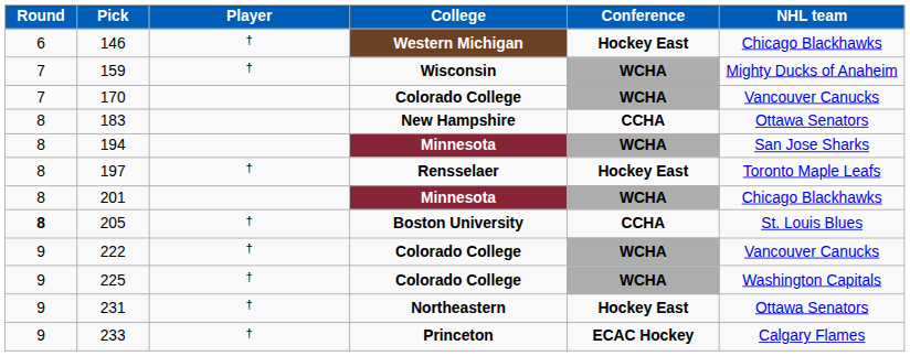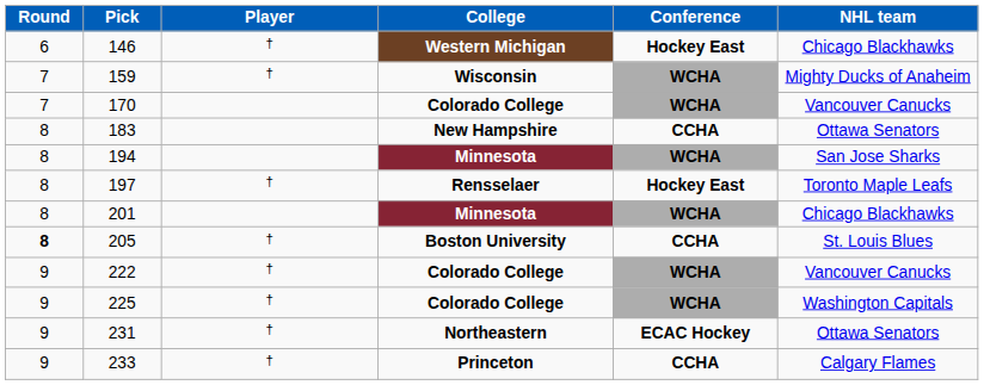 <table class="wikitable sortable" width="75%">
 <tr>
 <th style="color:white; background-color:#005EB8; width: 4em;">Round</th>
 <th style="color:white; background-color:#005EB8; width: 4em;">Pick</th>
 <th style="color:white; background-color:#005EB8; width: 12em;">Player</th>
 <th style="color:white; background-color:#005EB8; width: 13em;">College</th>
 <th style="color:white; background-color:#005EB8; width: 9em;">Conference</th>
 <th style="color:white; background-color:#005EB8; width: 11em;">NHL team</th>
 </tr>
 <tr align="center" bgcolor="">
 <td>6</td>
 <td>146</td>
 <td> <sup>†</sup></td>
 <td style="color:white; background:#6C4023; "><strong>Western Michigan</strong></td>
 <td><strong>Hockey East</strong></td>
 <td><a href='#'>Chicago Blackhawks</a></td>
 </tr>
 <tr align="center" bgcolor="">
 <td>7</td>
 <td>159</td>
 <td> <sup>†</sup></td>
 <td><strong>Wisconsin</strong></td>
 <td style="color:black; background:#ADADAD; "><strong>WCHA</strong></td>
 <td><a href='#'>Mighty Ducks of Anaheim</a></td>
 </tr>
 <tr align="center" bgcolor="">
 <td>7</td>
 <td>170</td>
 <td></td>
 <td><strong>Colorado College</strong></td>
 <td style="color:black; background:#ADADAD; "><strong>WCHA</strong></td>
 <td><a href='#'>Vancouver Canucks</a></td>
 </tr>
 <tr align="center" bgcolor="">
 <td>8</td>
 <td>183</td>
 <td></td>
 <td><strong>New Hampshire</strong></td>
 <td><strong>CCHA</strong></td>
 <td><a href='#'>Ottawa Senators</a></td>
 </tr>
 <tr align="center" bgcolor="">
 <td>8</td>
 <td>194</td>
 <td></td>
 <td style="color:white; background:#862334; "><strong>Minnesota</strong></td>
 <td style="color:black; background:#ADADAD; "><strong>WCHA</strong></td>
 <td><a href='#'>San Jose Sharks</a></td>
 </tr>
 <tr align="center" bgcolor="">
 <td>8</td>
 <td>197</td>
 <td> <sup>†</sup></td>
 <td><strong>Rensselaer</strong></td>
 <td><strong>Hockey East</strong></td>
 <td><a href='#'>Toronto Maple Leafs</a></td>
 </tr>
 <tr align="center" bgcolor="">
 <td>8</td>
 <td>201</td>
 <td></td>
 <td style="color:white; background:#862334; "><strong>Minnesota</strong></td>
 <td style="color:black; background:#ADADAD; "><strong>WCHA</strong></td>
 <td><a href='#'>Chicago Blackhawks</a></td>
 </tr>
 <tr align="center" bgcolor="">
 <td><strong>8</strong></td>
 <td>205</td>
 <td> <sup>†</sup></td>
 <td><strong>Boston University</strong></td>
 <td><strong>CCHA</strong></td>
 <td><a href='#'>St. Louis Blues</a></td>
 </tr>
 <tr align="center" bgcolor="">
 <td>9</td>
 <td>222</td>
 <td> <sup>†</sup></td>
 <td><strong>Colorado College</strong></td>
 <td style="color:black; background:#ADADAD; "><strong>WCHA</strong></td>
 <td><a href='#'>Vancouver Canucks</a></td>
 </tr>
 <tr align="center" bgcolor="">
 <td>9</td>
 <td>225</td>
 <td> <sup>†</sup></td>
 <td><strong>Colorado College</strong></td>
 <td style="color:black; background:#ADADAD; "><strong>WCHA</strong></td>
 <td><a href='#'>Washington Capitals</a></td>
 </tr>
 <tr align="center" bgcolor="">
 <td>9</td>
 <td>231</td>
 <td> <sup>†</sup></td>
 <td><strong>Northeastern</strong></td>
-<td><strong>Hockey East</strong></td>
+<td><strong>ECAC Hockey</strong></td>
 <td><a href='#'>Ottawa Senators</a></td>
 </tr>
 <tr align="center" bgcolor="">
 <td>9</td>
 <td>233</td>
 <td> <sup>†</sup></td>
 <td><strong>Princeton</strong></td>
-<td><strong>ECAC Hockey</strong></td>
+<td><strong>CCHA</strong></td>
 <td><a href='#'>Calgary Flames</a></td>
 </tr>
 </table>
